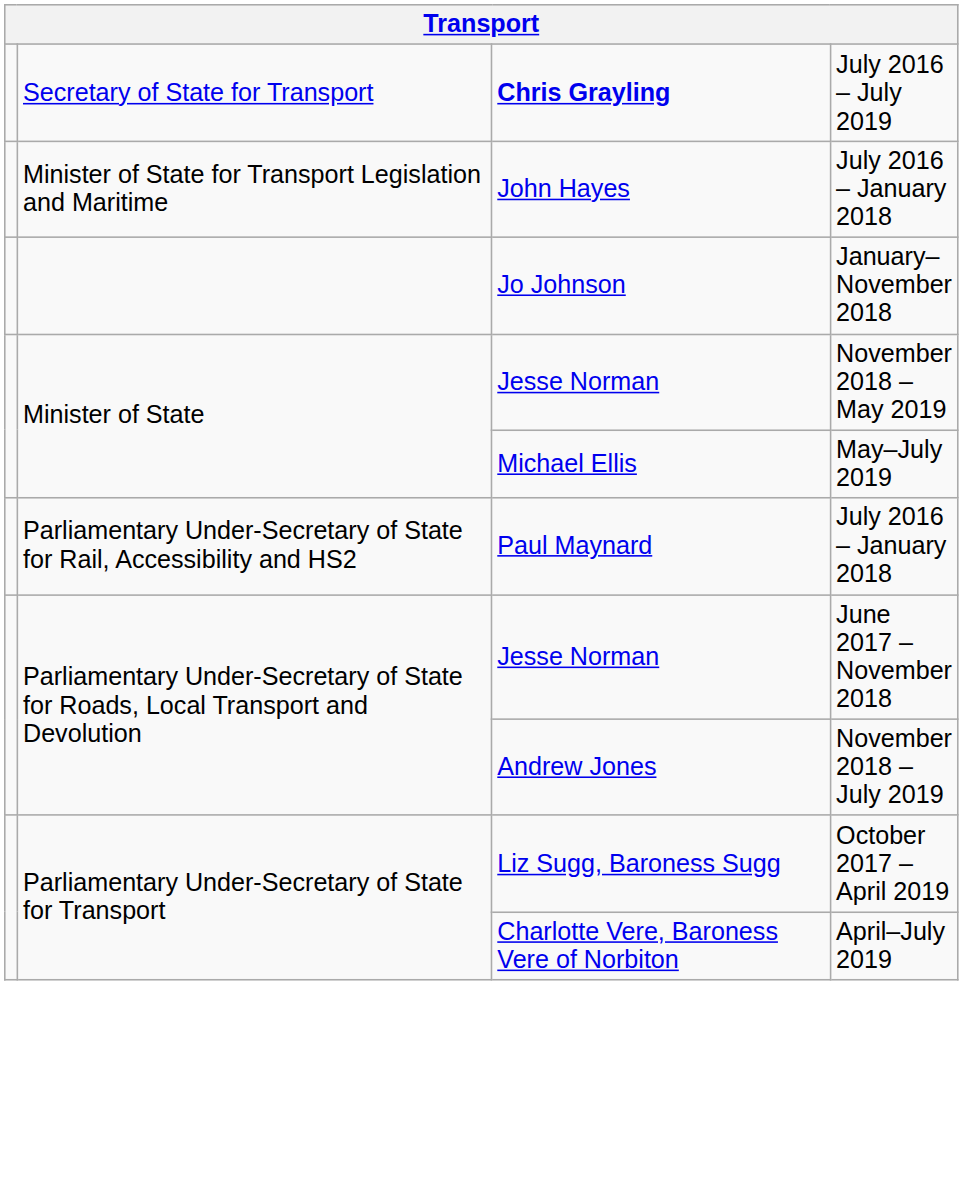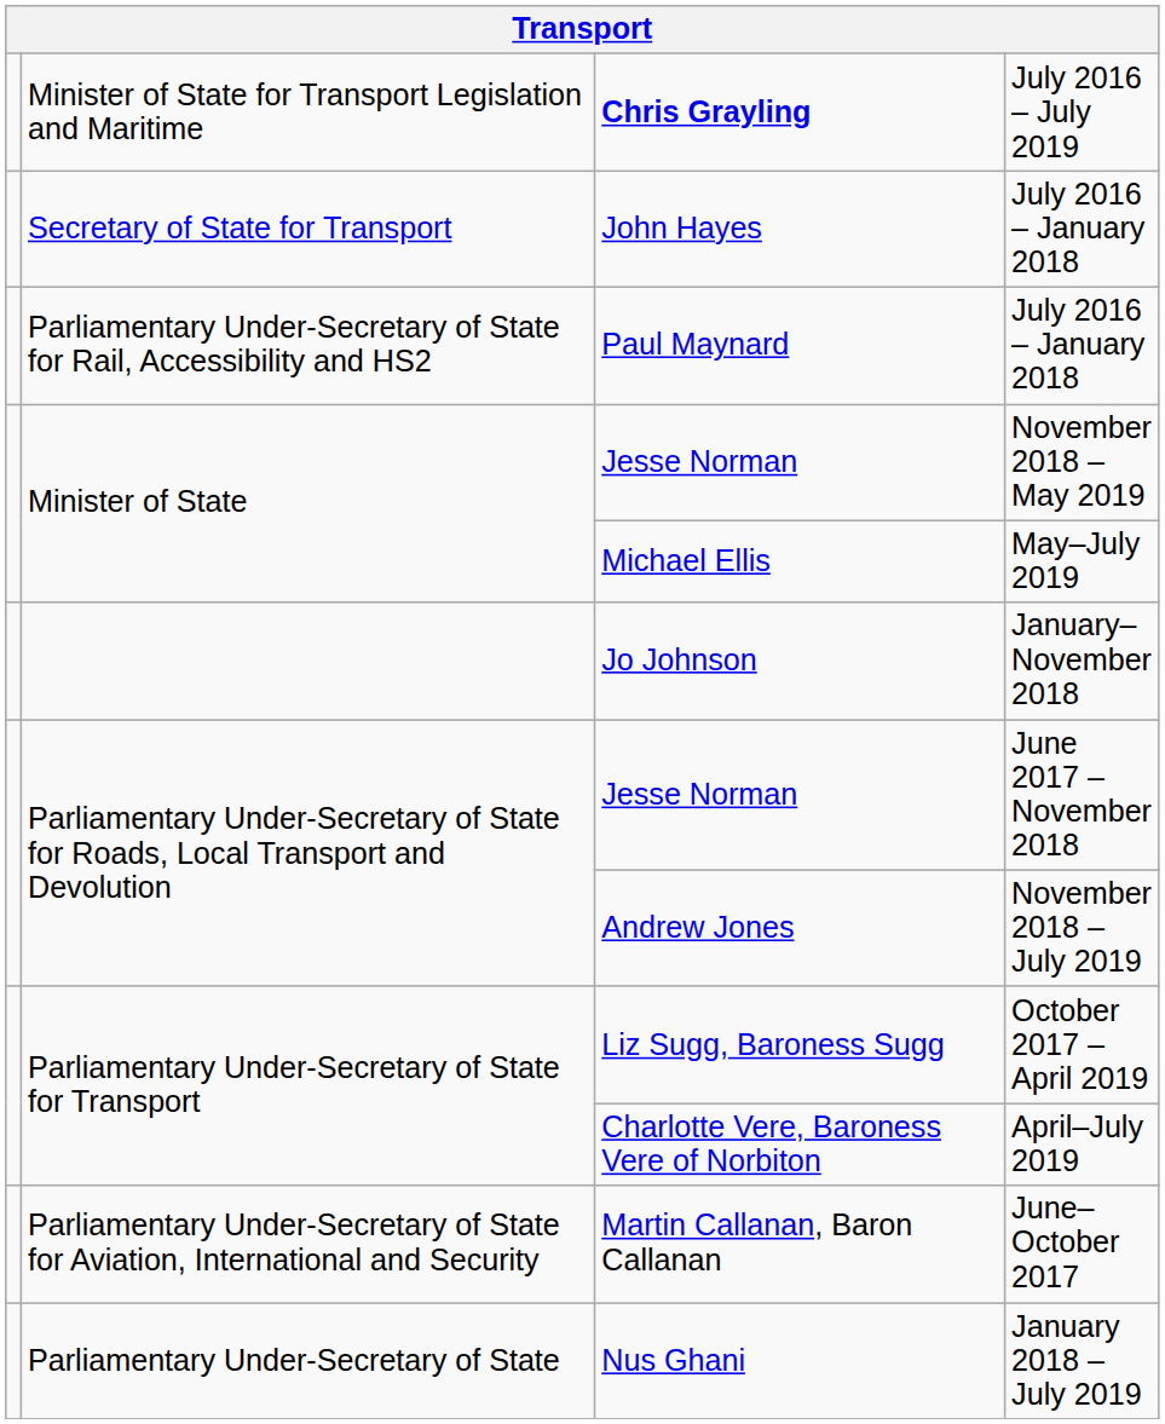 <table class="wikitable">
 <tr>
 <th colspan="4"><a href='#'>Transport</a></th>
 </tr>
 <tr>
 <td style="width: 1px; background: "></td>
-<td style="width: 450px;"><a href='#'>Secretary of State for Transport</a></td>
+<td>Minister of State for Transport Legislation and Maritime</td>
 <td style="width: 320px;"><strong><a href='#'>Chris Grayling</a></strong></td>
 <td>July 2016 – July 2019</td>
 </tr>
 <tr>
 <td style="width: 1px; background: "></td>
-<td>Minister of State for Transport Legislation and Maritime</td>
+<td style="width: 450px;"><a href='#'>Secretary of State for Transport</a></td>
 <td><a href='#'>John Hayes</a></td>
 <td>July 2016 – January 2018</td>
 </tr>
 <tr>
 <td style="width: 1px; background: "></td>
-<td></td>
-<td><a href='#'>Jo Johnson</a></td>
-<td>January–November 2018</td>
+<td>Parliamentary Under-Secretary of State for Rail, Accessibility and HS2</td>
+<td><a href='#'>Paul Maynard</a></td>
+<td>July 2016 – January 2018</td>
 </tr>
 <tr>
 <td rowspan="2" style="width: 1px; background: "></td>
 <td rowspan="2">Minister of State</td>
 <td><a href='#'>Jesse Norman</a></td>
 <td>November 2018 – May 2019</td>
 </tr>
 <tr>
 <td><a href='#'>Michael Ellis</a></td>
 <td>May–July 2019</td>
 </tr>
 <tr>
 <td style="width: 1px; background: "></td>
-<td>Parliamentary Under-Secretary of State for Rail, Accessibility and HS2</td>
-<td><a href='#'>Paul Maynard</a></td>
-<td>July 2016 – January 2018</td>
+<td></td>
+<td><a href='#'>Jo Johnson</a></td>
+<td>January–November 2018</td>
 </tr>
 <tr>
 <td rowspan="2" style="width: 1px; background: "></td>
 <td rowspan="2">Parliamentary Under-Secretary of State for Roads, Local Transport and Devolution</td>
 <td><a href='#'>Jesse Norman</a></td>
 <td>June 2017 – November 2018</td>
 </tr>
 <tr>
 <td><a href='#'>Andrew Jones</a></td>
 <td>November 2018 – July 2019</td>
 </tr>
 <tr>
 <td rowspan="2" style="width: 1px; background: "></td>
 <td rowspan="2">Parliamentary Under-Secretary of State for Transport</td>
 <td><a href='#'>Liz Sugg, Baroness Sugg</a> <br></td>
 <td>October 2017 – April 2019</td>
 </tr>
 <tr>
 <td><a href='#'>Charlotte Vere, Baroness Vere of Norbiton</a> <br></td>
 <td>April–July 2019</td>
 </tr>
+<tr>
+<td style="width: 1px; background: "></td>
+<td>Parliamentary Under-Secretary of State for Aviation, International and Security</td>
+<td><a href='#'>Martin Callanan</a>, Baron Callanan</td>
+<td>June–October 2017</td>
+</tr>
+<tr>
+<td style="width: 1px; background: "></td>
+<td>Parliamentary Under-Secretary of State</td>
+<td><a href='#'>Nus Ghani</a> <br></td>
+<td>January 2018 – July 2019</td>
+</tr>
 </table>
